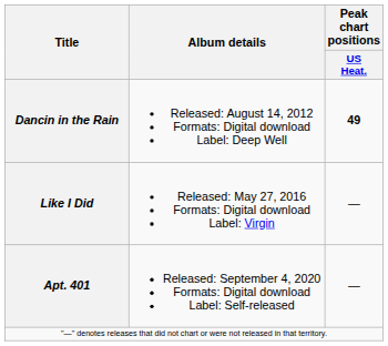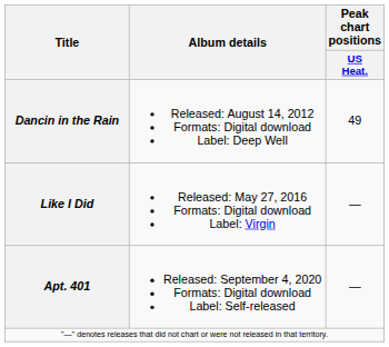 <table class="wikitable plainrowheaders" style=text-align:center>
 <tr>
 <th scope="col" rowspan="2" style="width:10em;">Title</th>
 <th scope="col" rowspan="2" style="width:16em;">Album details</th>
 <th scope="col" colspan="1">Peak chart positions</th>
 </tr>
 <tr>
 <th scope="col" style="width:4em;font-size:90%;"><a href='#'>US<br>Heat.</a><br></th>
 </tr>
 <tr>
 <th scope="row"><em>Dancin in the Rain</em></th>
 <td><br><ul><li>Released: August 14, 2012</li><li>Formats: Digital download</li><li>Label: Deep Well</li></ul></td>
-<td><strong>49</strong></td>
+<td>49</td>
 </tr>
 <tr>
 <th scope="row"><em>Like I Did</em></th>
 <td><br><ul><li>Released: May 27, 2016</li><li>Formats: Digital download</li><li>Label: <a href='#'>Virgin</a></li></ul></td>
 <td>—</td>
 </tr>
 <tr>
 <th scope="row"><em>Apt. 401</em></th>
 <td><br><ul><li>Released: September 4, 2020</li><li>Formats: Digital download</li><li>Label: Self-released</li></ul></td>
 <td>—</td>
 </tr>
 <tr>
 <td align="center" colspan="15" style="font-size:8pt">"—" denotes releases that did not chart or were not released in that territory.</td>
 </tr>
 </table>
